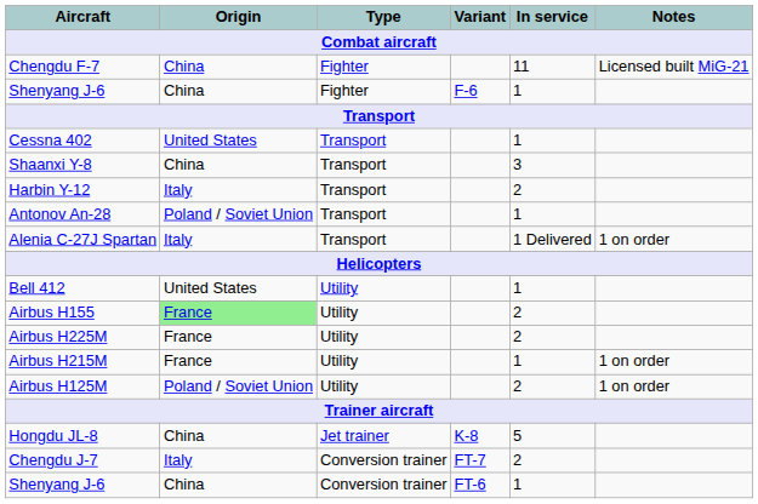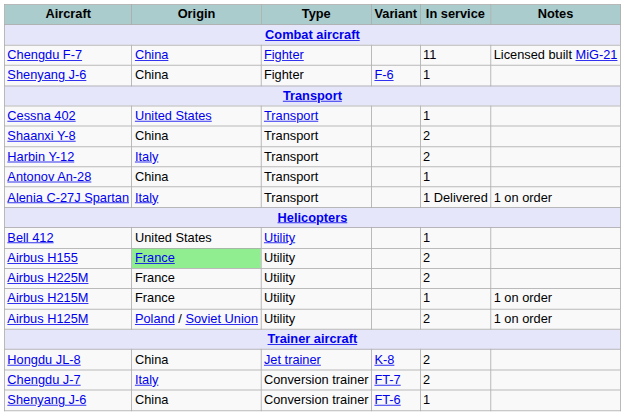 <table class="wikitable">
 <tr>
 <th style="text-align:center; background:#acc;">Aircraft</th>
 <th style="text-align: center; background:#acc;">Origin</th>
 <th style="text-align:l center; background:#acc;">Type</th>
 <th style="text-align:left; background:#acc;">Variant</th>
 <th style="text-align:center; background:#acc;">In service</th>
 <th style="text-align: center; background:#acc;">Notes</th>
 </tr>
 <tr>
 <th colspan="7" style="align: center; background: lavender;"><a href='#'>Combat aircraft</a></th>
 </tr>
 <tr>
 <td><a href='#'>Chengdu F-7</a></td>
 <td><a href='#'>China</a></td>
 <td><a href='#'>Fighter</a></td>
 <td></td>
 <td>11</td>
 <td>Licensed built <a href='#'>MiG-21</a></td>
 </tr>
 <tr>
 <td><a href='#'>Shenyang J-6</a></td>
 <td>China</td>
 <td>Fighter</td>
 <td><a href='#'>F-6</a></td>
 <td>1</td>
 <td></td>
 </tr>
 <tr>
 <th colspan="7" style="align: center; background: lavender;"><a href='#'>Transport</a></th>
 </tr>
 <tr>
 <td><a href='#'>Cessna 402</a></td>
 <td><a href='#'>United States</a></td>
 <td><a href='#'>Transport</a></td>
 <td></td>
 <td>1</td>
 <td></td>
 </tr>
 <tr>
 <td><a href='#'>Shaanxi Y-8</a></td>
 <td>China</td>
 <td>Transport</td>
 <td></td>
-<td>3</td>
+<td>2</td>
 <td></td>
 </tr>
 <tr>
 <td><a href='#'>Harbin Y-12</a></td>
 <td><a href='#'>Italy</a></td>
 <td>Transport</td>
 <td></td>
 <td>2</td>
 <td></td>
 </tr>
 <tr>
 <td><a href='#'>Antonov An-28</a></td>
-<td><a href='#'>Poland</a> / <a href='#'>Soviet Union</a></td>
+<td>China</td>
 <td>Transport</td>
 <td></td>
 <td>1</td>
 <td></td>
 </tr>
 <tr>
 <td><a href='#'>Alenia C-27J Spartan</a></td>
 <td><a href='#'>Italy</a></td>
 <td>Transport</td>
 <td></td>
 <td>1 Delivered</td>
 <td>1 on order</td>
 </tr>
 <tr>
 <th colspan="7" style="align: center; background: lavender;"><a href='#'>Helicopters</a></th>
 </tr>
 <tr>
 <td><a href='#'>Bell 412</a></td>
 <td>United States</td>
 <td><a href='#'>Utility</a></td>
 <td></td>
 <td>1</td>
 <td></td>
 </tr>
 <tr>
 <td><a href='#'>Airbus H155</a></td>
 <td style="background: lightgreen;"><a href='#'>France</a></td>
 <td>Utility</td>
 <td></td>
 <td>2</td>
 <td></td>
 </tr>
 <tr>
 <td><a href='#'>Airbus H225M</a></td>
 <td>France</td>
 <td>Utility</td>
 <td></td>
 <td>2</td>
 <td></td>
 </tr>
 <tr>
 <td><a href='#'>Airbus H215M</a></td>
 <td>France</td>
 <td>Utility</td>
 <td></td>
 <td>1</td>
 <td>1 on order</td>
 </tr>
 <tr>
 <td><a href='#'>Airbus H125M</a></td>
 <td><a href='#'>Poland</a> / <a href='#'>Soviet Union</a></td>
 <td>Utility</td>
 <td></td>
 <td>2</td>
 <td>1 on order</td>
 </tr>
 <tr>
 <th colspan="7" style="align: center; background: lavender;"><a href='#'>Trainer aircraft</a></th>
 </tr>
 <tr>
 <td><a href='#'>Hongdu JL-8</a></td>
 <td>China</td>
 <td><a href='#'>Jet trainer</a></td>
 <td><a href='#'>K-8</a></td>
-<td>5</td>
+<td>2</td>
 <td></td>
 </tr>
 <tr>
 <td><a href='#'>Chengdu J-7</a></td>
 <td><a href='#'>Italy</a></td>
 <td>Conversion trainer</td>
 <td><a href='#'>FT-7</a></td>
 <td>2</td>
 <td></td>
 </tr>
 <tr>
 <td><a href='#'>Shenyang J-6</a></td>
 <td>China</td>
 <td>Conversion trainer</td>
 <td><a href='#'>FT-6</a></td>
 <td>1</td>
 <td></td>
 </tr>
 </table>
